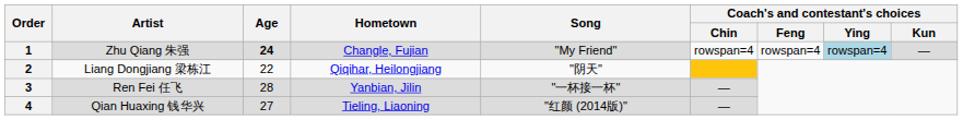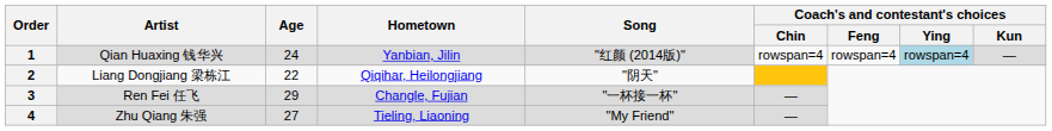 <table class="wikitable" style="text-align:center; line-height:17px; width:100%;">
 <tr>
 <th scope="col" rowspan="2" style="width:05%;">Order</th>
 <th scope="col" rowspan="2" style="width:20%;">Artist</th>
 <th scope="col" rowspan="2" style="width:05%;">Age</th>
 <th scope="col" rowspan="2" style="width:20%;">Hometown</th>
 <th scope="col" rowspan="2" style="width:22%;">Song</th>
 <th scope="col" colspan="4" style="width:28%;">Coach's and contestant's choices</th>
 </tr>
 <tr>
 <th style="width:07%;">Chin</th>
 <th style="width:07%;">Feng</th>
 <th style="width:07%;">Ying</th>
 <th style="width:07%;">Kun</th>
 </tr>
 <tr>
 <th>1</th>
-<td style="background:#DCDCDC;">Zhu Qiang 朱强</td>
-<td style="background:#DCDCDC;"><strong>24</strong></td>
-<td style="background:#DCDCDC;"><a href='#'>Changle, Fujian</a></td>
-<td style="background:#DCDCDC;">"My Friend"</td>
+<td style="background:#DCDCDC;">Qian Huaxing 钱华兴</td>
+<td style="background:#DCDCDC;">24</td>
+<td style="background:#DCDCDC;"><a href='#'>Yanbian, Jilin</a></td>
+<td style="background:#DCDCDC;">"红颜 (2014版)"</td>
 <td>rowspan=4 </td>
 <td>rowspan=4 </td>
 <td style="background: lightblue;">rowspan=4 </td>
 <td style="background:#DCDCDC;">—</td>
 </tr>
 <tr>
 <th>2</th>
 <td>Liang Dongjiang 梁栋江</td>
 <td>22</td>
 <td><a href='#'>Qiqihar, Heilongjiang</a></td>
 <td>"阴天"</td>
 <td style="background:#FFC40C;"><strong></strong></td>
 </tr>
 <tr>
 <th>3</th>
 <td style="background:#DCDCDC;">Ren Fei 任飞</td>
-<td style="background:#DCDCDC;">28</td>
-<td style="background:#DCDCDC;"><a href='#'>Yanbian, Jilin</a></td>
+<td style="background:#DCDCDC;">29</td>
+<td style="background:#DCDCDC;"><a href='#'>Changle, Fujian</a></td>
 <td style="background:#DCDCDC;">"一杯接一杯"</td>
 <td style="background:#DCDCDC;">—</td>
 </tr>
 <tr>
 <th>4</th>
-<td style="background:#DCDCDC;">Qian Huaxing 钱华兴</td>
+<td style="background:#DCDCDC;">Zhu Qiang 朱强</td>
 <td style="background:#DCDCDC;">27</td>
 <td style="background:#DCDCDC;"><a href='#'>Tieling, Liaoning</a></td>
-<td style="background:#DCDCDC;">"红颜 (2014版)"</td>
+<td style="background:#DCDCDC;">"My Friend"</td>
 <td style="background:#DCDCDC;">—</td>
 </tr>
 </table>
